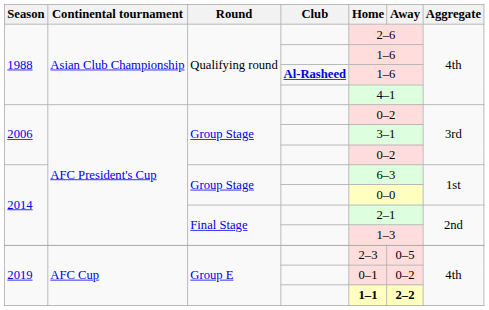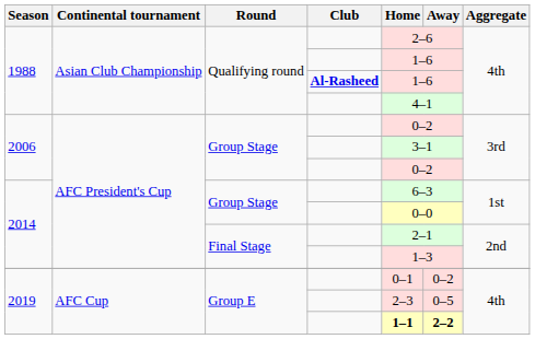 <table class="wikitable">
 <tr>
 <th>Season</th>
 <th>Continental tournament</th>
 <th>Round</th>
 <th>Club</th>
 <th>Home</th>
 <th>Away</th>
 <th>Aggregate</th>
 </tr>
 <tr>
 <td rowspan="4"><a href='#'>1988</a></td>
 <td rowspan="4"><a href='#'>Asian Club Championship</a></td>
 <td rowspan="4">Qualifying round</td>
 <td></td>
 <td bgcolor="#ffdddd" colspan=2 style="text-align:center;">2–6</td>
 <td rowspan=4 style="text-align:center;">4th</td>
 </tr>
 <tr>
 <td></td>
 <td bgcolor="#ffdddd" colspan=2 style="text-align:center;">1–6</td>
 </tr>
 <tr>
 <td><strong> <a href='#'>Al-Rasheed</a></strong></td>
 <td bgcolor="#ffdddd" colspan=2 style="text-align:center;">1–6</td>
 </tr>
 <tr>
 <td></td>
 <td bgcolor="#ddffdd" colspan=2 style="text-align:center;">4–1</td>
 </tr>
 <tr>
 <td rowspan="3"><a href='#'>2006</a></td>
 <td rowspan="7"><a href='#'>AFC President's Cup</a></td>
 <td rowspan="3"><a href='#'>Group Stage</a></td>
 <td></td>
 <td bgcolor="#ffdddd" colspan=2 style="text-align:center;">0–2</td>
 <td rowspan=3 style="text-align:center;">3rd</td>
 </tr>
 <tr>
 <td></td>
 <td bgcolor="#ddffdd" colspan=2 style="text-align:center;">3–1</td>
 </tr>
 <tr>
 <td></td>
 <td bgcolor="#ffdddd" colspan=2 style="text-align:center;">0–2</td>
 </tr>
 <tr>
 <td rowspan="4"><a href='#'>2014</a></td>
 <td rowspan="2"><a href='#'>Group Stage</a></td>
 <td></td>
 <td bgcolor="#ddffdd" colspan=2 style="text-align:center;">6–3</td>
 <td rowspan=2 style="text-align:center;">1st</td>
 </tr>
 <tr>
 <td></td>
 <td bgcolor="#ffffbf" colspan=2 style="text-align:center;">0–0</td>
 </tr>
 <tr>
 <td rowspan="2"><a href='#'>Final Stage</a></td>
 <td></td>
 <td bgcolor="#ddffdd" colspan=2 style="text-align:center;">2–1</td>
 <td rowspan=2 style="text-align:center;">2nd</td>
 </tr>
 <tr>
 <td></td>
 <td bgcolor="#ffdddd" colspan=2 style="text-align:center;">1–3</td>
 </tr>
 <tr>
 </tr>
 <tr>
 <td rowspan="3"><a href='#'>2019</a></td>
 <td rowspan="3"><a href='#'>AFC Cup</a></td>
 <td rowspan="3"><a href='#'>Group E</a></td>
 <td></td>
-<td bgcolor="#ffdddd" style="text-align:center;">2–3</td>
-<td bgcolor="#ffdddd" style="text-align:center;">0–5</td>
+<td bgcolor="#ffdddd" style="text-align:center;">0–1</td>
+<td bgcolor="#ffdddd" style="text-align:center;">0–2</td>
 <td rowspan=3 style="text-align:center;">4th</td>
 </tr>
 <tr>
 <td></td>
-<td bgcolor="#ffdddd" style="text-align:center;">0–1</td>
-<td bgcolor="#ffdddd" style="text-align:center;">0–2</td>
+<td bgcolor="#ffdddd" style="text-align:center;">2–3</td>
+<td bgcolor="#ffdddd" style="text-align:center;">0–5</td>
 </tr>
 <tr>
 <td></td>
 <td bgcolor="#ffffbf" style="text-align:center;"><strong>1–1</strong></td>
 <td bgcolor="#ffffbf" style="text-align:center;"><strong>2–2</strong></td>
 </tr>
 </table>
